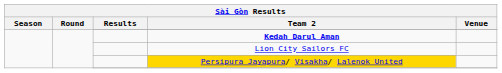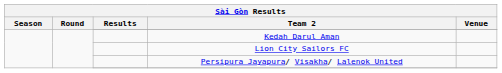 <table width=65% class="wikitable sortable" style="text-align:center">
 <tr>
 <th colspan=6><a href='#'>Sài Gòn</a> Results</th>
 </tr>
 <tr>
 <th>Season</th>
 <th>Round</th>
 <th>Results</th>
 <th>Team 2</th>
 <th>Venue</th>
 </tr>
 <tr>
 <td rowspan=7></td>
 <td rowspan=7></td>
 </tr>
 <tr>
 <td></td>
-<td><strong> <a href='#'>Kedah Darul Aman</a></strong></td>
+<td> <a href='#'>Kedah Darul Aman</a></td>
 <td></td>
 </tr>
 <tr>
 <td></td>
 <td> <a href='#'>Lion City Sailors FC</a></td>
 <td></td>
 </tr>
 <tr>
 <td></td>
-<td style="background: gold;"> <a href='#'>Persipura Jayapura</a>/ <a href='#'>Visakha</a>/ <a href='#'>Lalenok United</a></td>
+<td> <a href='#'>Persipura Jayapura</a>/ <a href='#'>Visakha</a>/ <a href='#'>Lalenok United</a></td>
 <td></td>
 </tr>
 <tr>
 </tr>
 </table>
